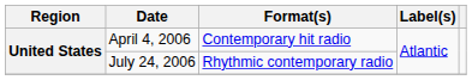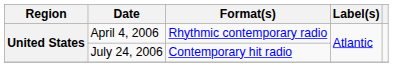 <table class="wikitable plainrowheaders">
 <tr>
 <th scope="col">Region</th>
 <th scope="col">Date</th>
 <th scope="col">Format(s)</th>
 <th scope="col">Label(s)</th>
 <th scope="col"></th>
 </tr>
 <tr>
 <th rowspan="2" scope="row">United States</th>
 <td>April 4, 2006</td>
-<td><a href='#'>Contemporary hit radio</a></td>
+<td><a href='#'>Rhythmic contemporary radio</a></td>
 <td rowspan="2"><a href='#'>Atlantic</a></td>
 <td rowspan="2" align="center"></td>
 </tr>
 <tr>
 <td>July 24, 2006</td>
-<td><a href='#'>Rhythmic contemporary radio</a></td>
+<td><a href='#'>Contemporary hit radio</a></td>
 </tr>
 <tr>
 </tr>
 </table>
